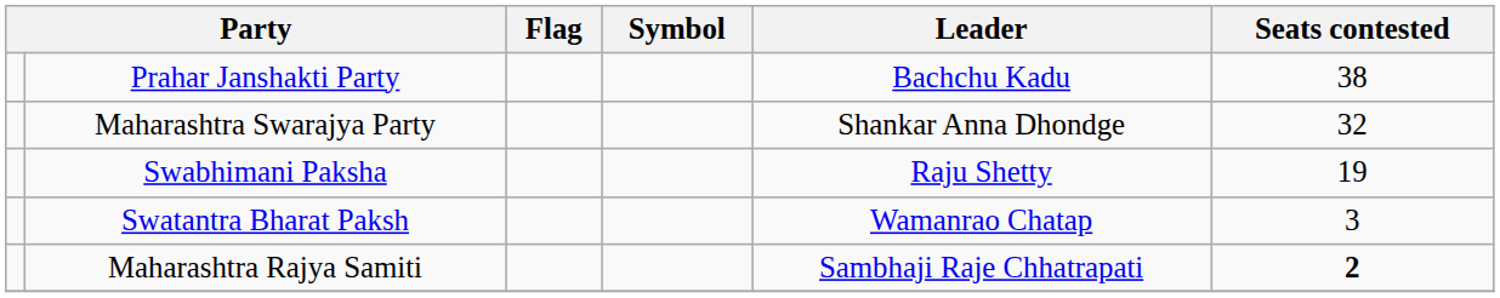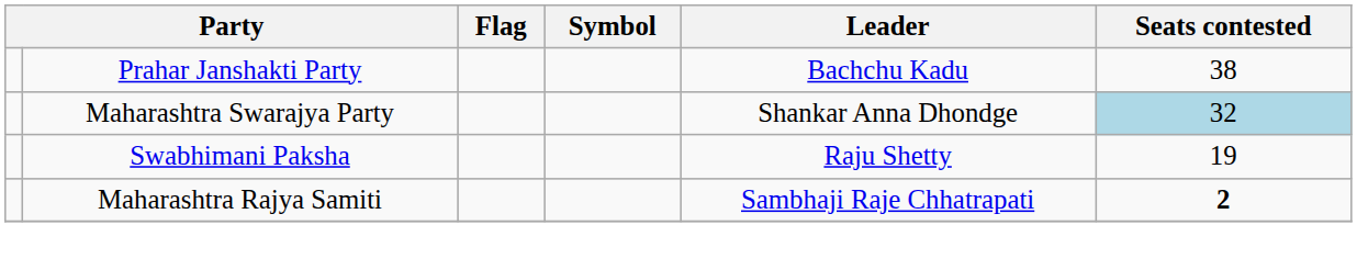 <table class="wikitable" width="50%" style="text-align:center;">
 <tr>
 <th colspan="2">Party</th>
 <th>Flag</th>
 <th>Symbol</th>
 <th>Leader</th>
 <th>Seats contested</th>
 </tr>
 <tr>
 <td style="text-align:center; background:"></td>
 <td style="text-align:center"><a href='#'>Prahar Janshakti Party</a></td>
 <td></td>
 <td></td>
 <td><a href='#'>Bachchu Kadu</a></td>
 <td>38</td>
 </tr>
 <tr>
 <td></td>
 <td>Maharashtra Swarajya Party</td>
 <td></td>
 <td></td>
 <td>Shankar Anna Dhondge</td>
-<td>32</td>
+<td style="background: lightblue;">32</td>
 </tr>
 <tr>
 <td></td>
 <td><a href='#'>Swabhimani Paksha</a></td>
 <td></td>
 <td></td>
 <td><a href='#'>Raju Shetty</a></td>
 <td>19</td>
-</tr>
-<tr>
-<td></td>
-<td><a href='#'>Swatantra Bharat Paksh</a></td>
-<td></td>
-<td></td>
-<td><a href='#'>Wamanrao Chatap</a></td>
-<td>3</td>
 </tr>
 <tr>
 <td></td>
 <td>Maharashtra Rajya Samiti</td>
 <td></td>
 <td></td>
 <td><a href='#'>Sambhaji Raje Chhatrapati</a></td>
 <td><strong>2</strong></td>
 </tr>
 <tr>
 </tr>
 </table>
